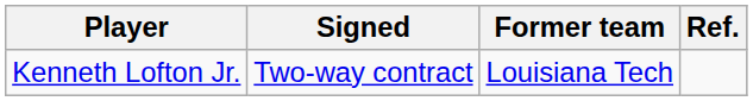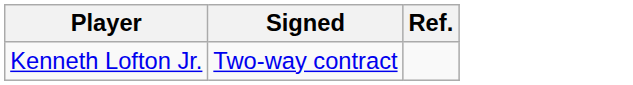 <table class="wikitable sortable sortable" style="text-align: center">
 <tr>
 <th>Player</th>
 <th>Signed</th>
-<th>Former team</th>
 <th>Ref.</th>
 </tr>
 <tr>
 <td><a href='#'>Kenneth Lofton Jr.</a></td>
 <td><a href='#'>Two-way contract</a></td>
-<td><a href='#'>Louisiana Tech</a></td>
 <td></td>
 </tr>
 </table>
